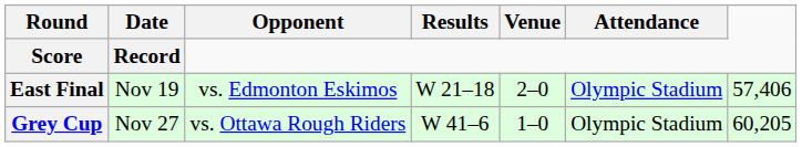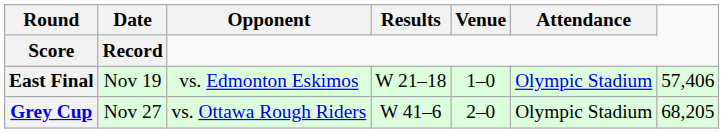 <table class="wikitable" style="text-align:center">
 <tr>
 <th>Round</th>
 <th>Date</th>
 <th>Opponent</th>
 <th>Results</th>
 <th>Venue</th>
 <th>Attendance</th>
 </tr>
 <tr>
 <th>Score</th>
 <th>Record</th>
 </tr>
 <tr style="background:#ddffdd">
 <th>East Final</th>
 <td>Nov 19</td>
 <td>vs. <a href='#'>Edmonton Eskimos</a></td>
 <td>W 21–18</td>
-<td>2–0</td>
+<td>1–0</td>
 <td><a href='#'>Olympic Stadium</a></td>
 <td>57,406</td>
 </tr>
 <tr style="background:#ddffdd">
 <th><a href='#'>Grey Cup</a></th>
 <td>Nov 27</td>
 <td>vs. <a href='#'>Ottawa Rough Riders</a></td>
 <td>W 41–6</td>
-<td>1–0</td>
+<td>2–0</td>
 <td>Olympic Stadium</td>
-<td>60,205</td>
+<td>68,205</td>
 </tr>
 </table>
